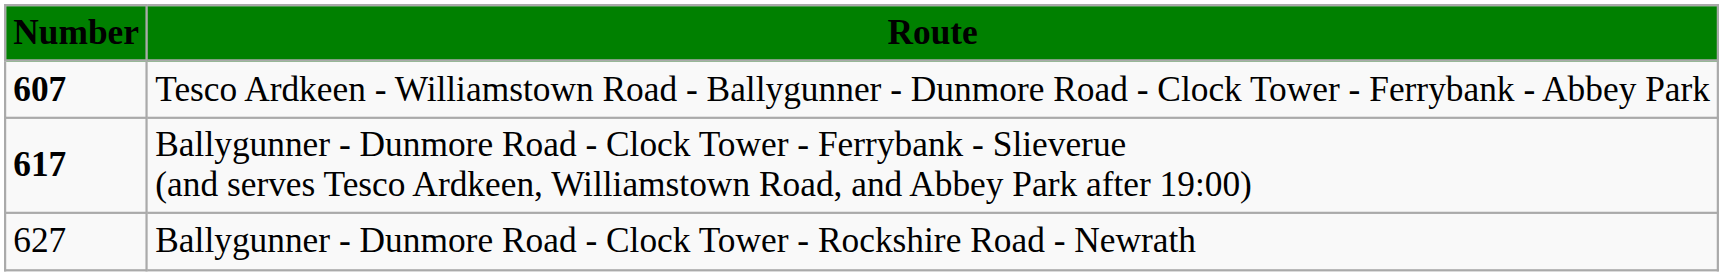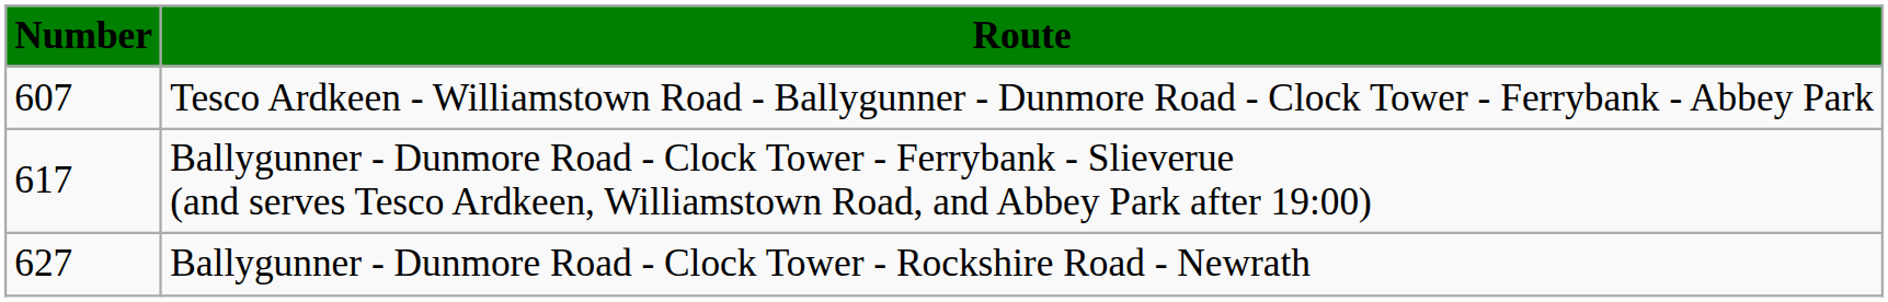 <table class="wikitable">
 <tr>
 <th style="background:green;"><span> Number</span></th>
 <th style="background:green;"><span> Route</span></th>
 </tr>
 <tr>
-<td><strong>607</strong></td>
+<td>607</td>
 <td>Tesco Ardkeen - Williamstown Road - Ballygunner - Dunmore Road - Clock Tower - Ferrybank - Abbey Park</td>
 </tr>
 <tr>
-<td><strong>617</strong></td>
+<td>617</td>
 <td>Ballygunner - Dunmore Road - Clock Tower - Ferrybank - Slieverue<br>(and serves Tesco Ardkeen, Williamstown Road, and Abbey Park after 19:00)</td>
 </tr>
 <tr>
 <td>627</td>
 <td>Ballygunner - Dunmore Road - Clock Tower - Rockshire Road - Newrath</td>
 </tr>
 </table>
